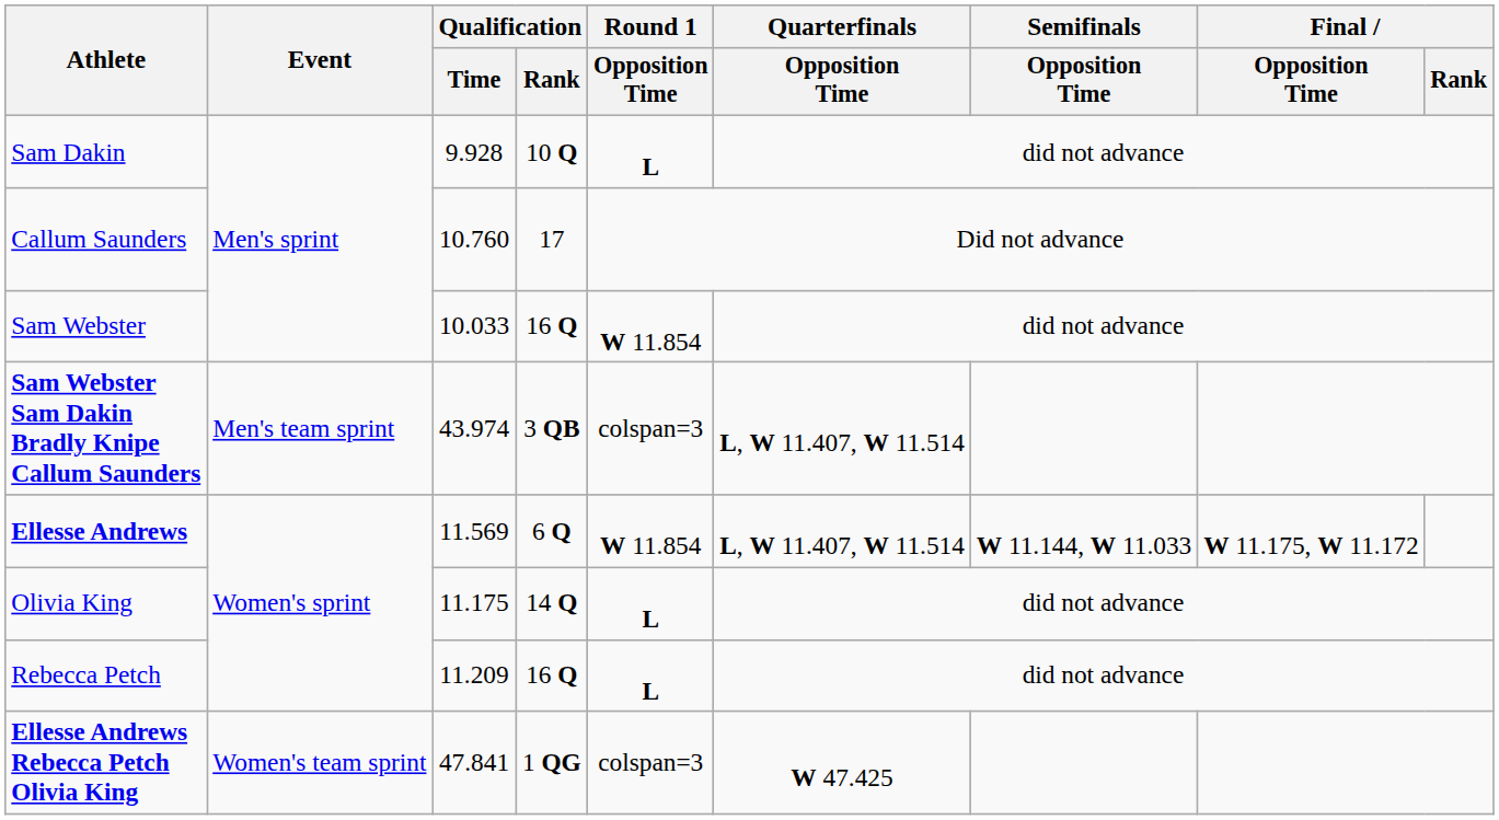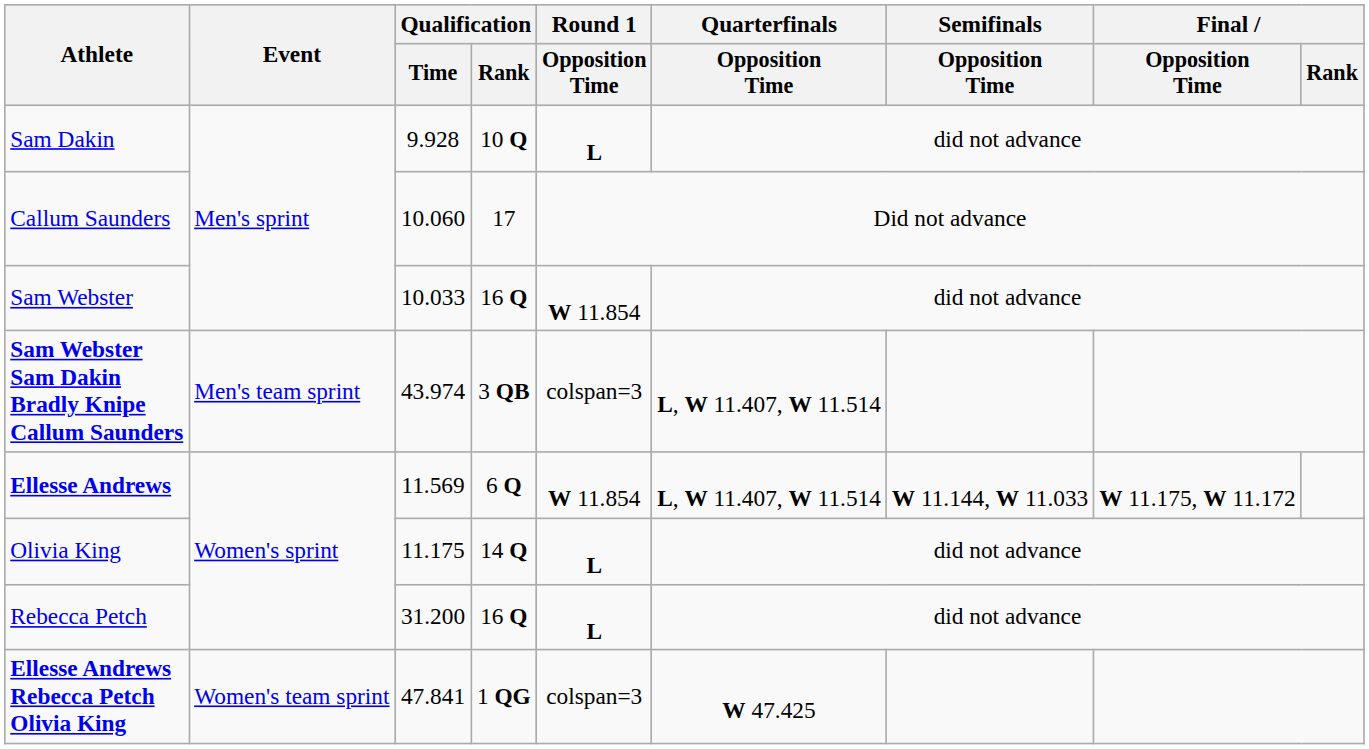 <table class="wikitable" style="font-size:90%;">
 <tr>
 <th rowspan=2>Athlete</th>
 <th rowspan=2>Event</th>
 <th colspan=2>Qualification</th>
 <th>Round 1</th>
 <th>Quarterfinals</th>
 <th>Semifinals</th>
 <th colspan=2>Final / </th>
 </tr>
 <tr style="font-size:95%">
 <th>Time</th>
 <th>Rank</th>
 <th>Opposition<br>Time</th>
 <th>Opposition<br>Time</th>
 <th>Opposition<br>Time</th>
 <th>Opposition<br>Time</th>
 <th>Rank</th>
 </tr>
 <tr align=center>
 <td align=left><a href='#'>Sam Dakin</a></td>
 <td align=left rowspan=3><a href='#'>Men's sprint</a></td>
 <td>9.928</td>
 <td>10 <strong>Q</strong></td>
 <td><br><strong>L</strong></td>
 <td colspan=4>did not advance</td>
 </tr>
 <tr align=center>
 <td align=left><a href='#'>Callum Saunders</a></td>
-<td>10.760</td>
+<td>10.060</td>
 <td>17</td>
 <td colspan=5><br>Did not advance<br> </td>
 </tr>
 <tr align=center>
 <td align=left><a href='#'>Sam Webster</a></td>
 <td>10.033</td>
 <td>16 <strong>Q</strong></td>
 <td><br><strong>W</strong> 11.854</td>
 <td colspan=4>did not advance</td>
 </tr>
 <tr align=center>
 <td align=left><strong><a href='#'>Sam Webster</a><br><a href='#'>Sam Dakin</a><br><a href='#'>Bradly Knipe</a><br><a href='#'>Callum Saunders</a></strong></td>
 <td align=left><a href='#'>Men's team sprint</a></td>
 <td>43.974</td>
 <td>3 <strong>QB</strong></td>
 <td>colspan=3 </td>
 <td><br><strong>L</strong>, <strong>W</strong> 11.407, <strong>W</strong> 11.514</td>
 <td></td>
 </tr>
 <tr align=center>
 <td align=left><strong><a href='#'>Ellesse Andrews</a></strong></td>
 <td align=left rowspan=3><a href='#'>Women's sprint</a></td>
 <td>11.569</td>
 <td>6 <strong>Q</strong></td>
 <td><br><strong>W</strong> 11.854</td>
 <td><br><strong>L</strong>, <strong>W</strong> 11.407, <strong>W</strong> 11.514</td>
 <td><br><strong>W</strong> 11.144, <strong>W</strong> 11.033</td>
 <td><br><strong>W</strong> 11.175, <strong>W</strong> 11.172</td>
 <td></td>
 </tr>
 <tr align=center>
 <td align=left><a href='#'>Olivia King</a></td>
 <td>11.175</td>
 <td>14 <strong>Q</strong></td>
 <td><br><strong>L</strong></td>
 <td colspan=4>did not advance</td>
 </tr>
 <tr align=center>
 <td align=left><a href='#'>Rebecca Petch</a></td>
-<td>11.209</td>
+<td>31.200</td>
 <td>16 <strong>Q</strong></td>
 <td><br><strong>L</strong></td>
 <td colspan=4>did not advance</td>
 </tr>
 <tr align=center>
 <td align=left><strong><a href='#'>Ellesse Andrews</a><br><a href='#'>Rebecca Petch</a><br><a href='#'>Olivia King</a></strong></td>
 <td align=left><a href='#'>Women's team sprint</a></td>
 <td>47.841 </td>
 <td>1 <strong>QG</strong></td>
 <td>colspan=3 </td>
 <td><br><strong>W</strong> 47.425 </td>
 <td></td>
 </tr>
 </table>
